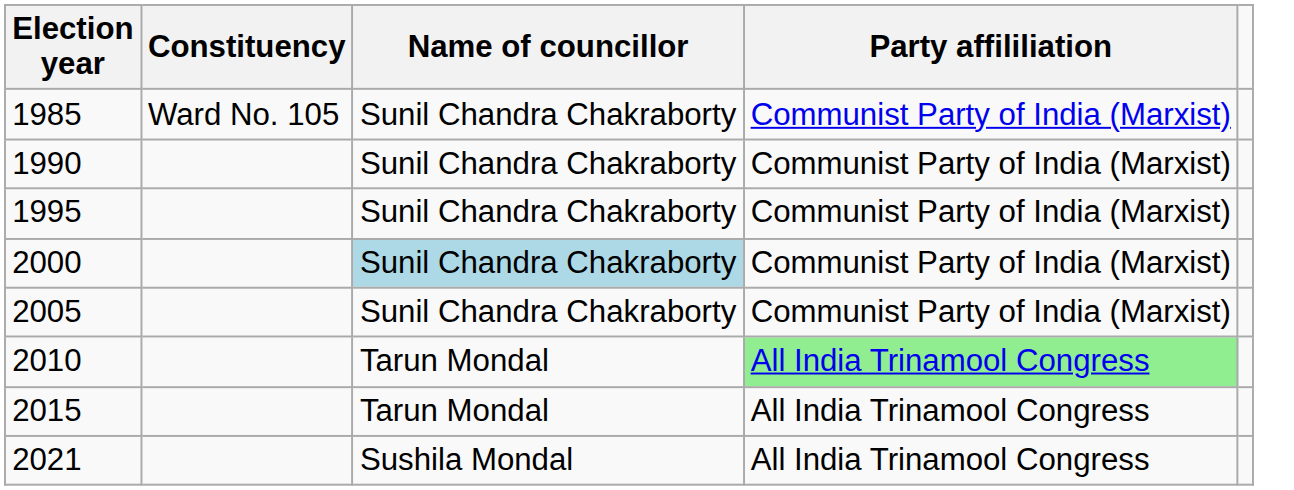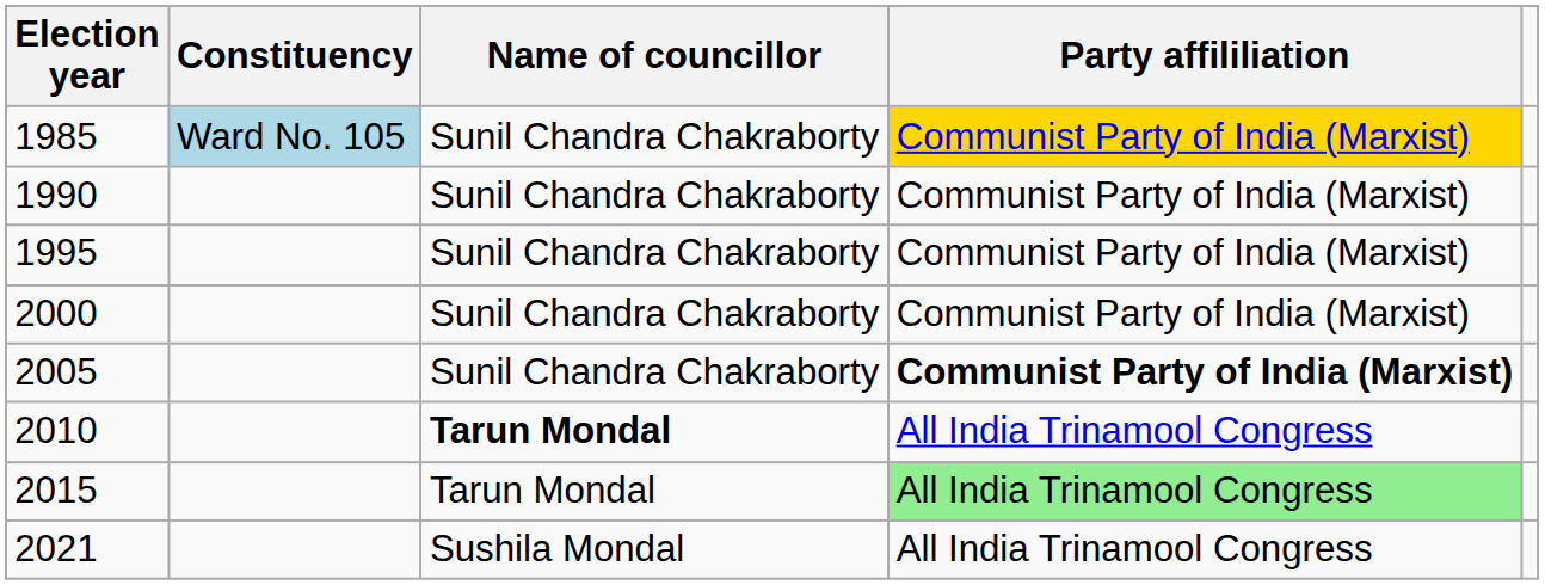 <table class="wikitable"ìÍĦĤĠčw>
 <tr>
 <th>Election<br> year</th>
 <th>Constituency</th>
 <th>Name of councillor</th>
 <th>Party affililiation</th>
 </tr>
 <tr>
 <td>1985</td>
-<td>Ward No. 105</td>
+<td style="background: lightblue;">Ward No. 105</td>
 <td>Sunil Chandra Chakraborty</td>
-<td><a href='#'>Communist Party of India (Marxist)</a></td>
+<td style="background: gold;"><a href='#'>Communist Party of India (Marxist)</a></td>
 <td></td>
 </tr>
 <tr>
 <td>1990</td>
 <td></td>
 <td>Sunil Chandra Chakraborty</td>
 <td>Communist Party of India (Marxist)</td>
 <td></td>
 </tr>
 <tr>
 <td>1995</td>
 <td></td>
 <td>Sunil Chandra Chakraborty</td>
 <td>Communist Party of India (Marxist)</td>
 <td></td>
 </tr>
 <tr>
 <td>2000</td>
 <td></td>
-<td style="background: lightblue;">Sunil Chandra Chakraborty</td>
+<td>Sunil Chandra Chakraborty</td>
 <td>Communist Party of India (Marxist)</td>
 <td></td>
 </tr>
 <tr>
 <td>2005</td>
 <td></td>
 <td>Sunil Chandra Chakraborty</td>
-<td>Communist Party of India (Marxist)</td>
+<td><strong>Communist Party of India (Marxist)</strong></td>
 <td></td>
 </tr>
 <tr>
 <td>2010</td>
 <td></td>
-<td>Tarun Mondal</td>
-<td style="background: lightgreen;"><a href='#'>All India Trinamool Congress</a></td>
+<td><strong>Tarun Mondal</strong></td>
+<td><a href='#'>All India Trinamool Congress</a></td>
 <td></td>
 </tr>
 <tr>
 <td>2015</td>
 <td></td>
 <td>Tarun Mondal</td>
-<td>All India Trinamool Congress</td>
+<td style="background: lightgreen;">All India Trinamool Congress</td>
 <td></td>
 </tr>
 <tr>
 <td>2021</td>
 <td></td>
 <td>Sushila Mondal</td>
 <td>All India Trinamool Congress</td>
 <td></td>
 </tr>
 </table>
